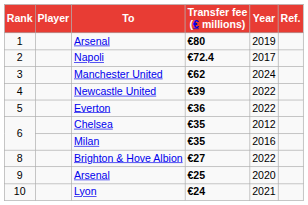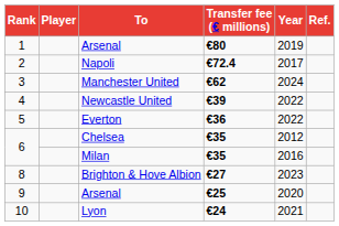 <table class="wikitable" style="text-align: center;">
 <tr>
 <th style="background:#E83C34; color:#FFFFFF; ">Rank</th>
 <th style="background:#E83C34; color:#FFFFFF; ">Player</th>
 <th style="background:#E83C34; color:#FFFFFF; ">To</th>
 <th style="background:#E83C34; color:#FFFFFF; ">Transfer fee<br>(<a href='#'>€</a> millions)</th>
 <th style="background:#E83C34; color:#FFFFFF; ">Year</th>
 <th style="background:#E83C34; color:#FFFFFF; ">Ref.</th>
 </tr>
 <tr>
 <td>1</td>
 <td align=left> </td>
 <td align=left> <a href='#'>Arsenal</a></td>
 <td align=left><strong>€80</strong></td>
 <td>2019</td>
 <td></td>
 </tr>
 <tr>
 <td>2</td>
 <td align=left> </td>
 <td align=left> <a href='#'>Napoli</a></td>
 <td align=left><strong>€72.4</strong></td>
 <td>2017</td>
 <td></td>
 </tr>
 <tr>
 <td>3</td>
 <td align=left> </td>
 <td align=left> <a href='#'>Manchester United</a></td>
 <td align=left><strong>€62</strong></td>
 <td>2024</td>
 <td></td>
 </tr>
 <tr>
 <td>4</td>
 <td align=left> </td>
 <td align=left> <a href='#'>Newcastle United</a></td>
 <td align=left><strong>€39</strong></td>
 <td>2022</td>
 <td></td>
 </tr>
 <tr>
 <td>5</td>
 <td align=left> </td>
 <td align=left> <a href='#'>Everton</a></td>
 <td align=left><strong>€36</strong></td>
 <td>2022</td>
 <td></td>
 </tr>
 <tr>
 <td rowspan=2>6</td>
 <td align=left> </td>
 <td align=left> <a href='#'>Chelsea</a></td>
 <td align=left><strong>€35</strong></td>
 <td>2012</td>
 <td></td>
 </tr>
 <tr>
 <td align=left> </td>
 <td align=left> <a href='#'>Milan</a></td>
 <td align=left><strong>€35</strong></td>
 <td>2016</td>
 <td></td>
 </tr>
 <tr>
 <td>8</td>
 <td align=left> </td>
 <td align=left> <a href='#'>Brighton & Hove Albion</a></td>
 <td align=left><strong>€27</strong></td>
-<td>2022</td>
+<td>2023</td>
 <td></td>
 </tr>
 <tr>
 <td>9</td>
 <td align=left> </td>
 <td align=left> <a href='#'>Arsenal</a></td>
 <td align=left><strong>€25</strong></td>
 <td>2020</td>
 <td></td>
 </tr>
 <tr>
 <td>10</td>
 <td align=left> </td>
 <td align=left> <a href='#'>Lyon</a></td>
 <td align=left><strong>€24</strong></td>
 <td>2021</td>
 <td></td>
 </tr>
 </table>
